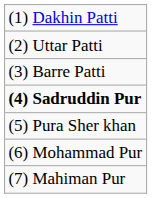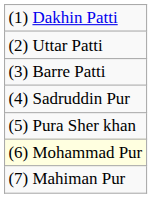 <table class="wikitable">
 <tr>
 <td>(1) <a href='#'>Dakhin Patti</a></td>
 </tr>
 <tr>
 <td>(2) Uttar Patti</td>
 </tr>
 <tr>
 <td>(3) Barre Patti</td>
 </tr>
 <tr>
-<td><strong>(4) Sadruddin Pur</strong></td>
+<td>(4) Sadruddin Pur</td>
 </tr>
 <tr>
 <td>(5) Pura Sher khan</td>
 </tr>
 <tr>
-<td>(6) Mohammad Pur</td>
+<td style="background: lightyellow;">(6) Mohammad Pur</td>
 </tr>
 <tr>
 <td>(7) Mahiman Pur</td>
 </tr>
 </table>
